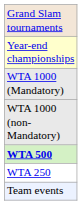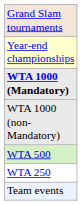 <table class="wikitable nowrap" style=font-size:90%;width:14%>
 <tr style="background:#F3E6D7;">
 <td><a href='#'>Grand Slam tournaments</a></td>
 </tr>
 <tr style="background:#ffc;">
 <td><a href='#'>Year-end championships</a></td>
 </tr>
 <tr style="background:#e9e9e9;">
-<td><a href='#'>WTA 1000</a> (Mandatory)</td>
+<td><strong><a href='#'>WTA 1000</a> (Mandatory)</strong></td>
 </tr>
 <tr style="background:#E9E9E9;">
 <td>WTA 1000 (non-Mandatory)</td>
 </tr>
 <tr style="background:#D4F1C5;">
-<td><strong><a href='#'>WTA 500</a></strong></td>
+<td><a href='#'>WTA 500</a></td>
 </tr>
 <tr style="background:#fff;">
 <td><a href='#'>WTA 250</a></td>
 </tr>
 <tr style="background:#ECF2FF;">
 <td>Team events</td>
 </tr>
 </table>
